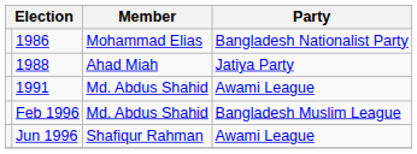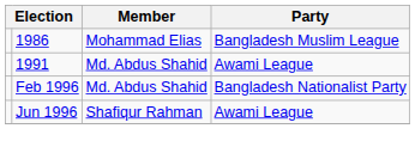 <table class="wikitable">
 <tr>
 <th colspan="2">Election</th>
 <th>Member</th>
 <th>Party</th>
 </tr>
 <tr>
 <td style="background-color:"></td>
 <td><a href='#'>1986</a></td>
 <td><a href='#'>Mohammad Elias</a></td>
-<td><a href='#'>Bangladesh Nationalist Party</a></td>
-</tr>
-<tr>
-<td style="background-color:"></td>
-<td><a href='#'>1988</a></td>
-<td><a href='#'>Ahad Miah</a></td>
-<td><a href='#'>Jatiya Party</a></td>
+<td><a href='#'>Bangladesh Muslim League</a></td>
 </tr>
 <tr>
 <td style="background-color:"></td>
 <td><a href='#'>1991</a></td>
 <td><a href='#'>Md. Abdus Shahid</a></td>
 <td><a href='#'>Awami League</a></td>
 </tr>
 <tr>
 <td style="background-color:"></td>
 <td><a href='#'>Feb 1996</a></td>
 <td><a href='#'>Md. Abdus Shahid</a></td>
-<td><a href='#'>Bangladesh Muslim League</a></td>
+<td><a href='#'>Bangladesh Nationalist Party</a></td>
 </tr>
 <tr>
 <td style="background-color:"></td>
 <td><a href='#'>Jun 1996</a></td>
 <td><a href='#'>Shafiqur Rahman</a></td>
 <td><a href='#'>Awami League</a></td>
 </tr>
 <tr>
 </tr>
 </table>
